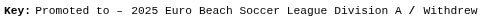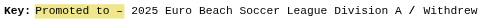 <table style="font-size: 85%;">
 <tr>
 <td height=5></td>
 </tr>
 <tr>
 <td><strong>Key:</strong></td>
-<td>Promoted to –</td>
+<td style="background: khaki;">Promoted to –</td>
 <td></td>
 <td>2025 Euro Beach Soccer League Division A <strong>/</strong></td>
 <td></td>
 <td>Withdrew</td>
 </tr>
 </table>
